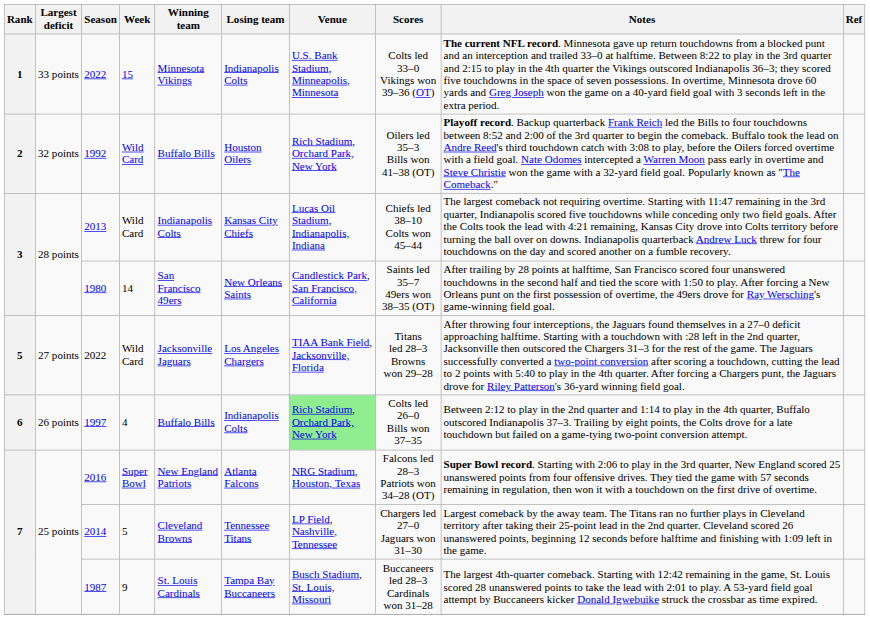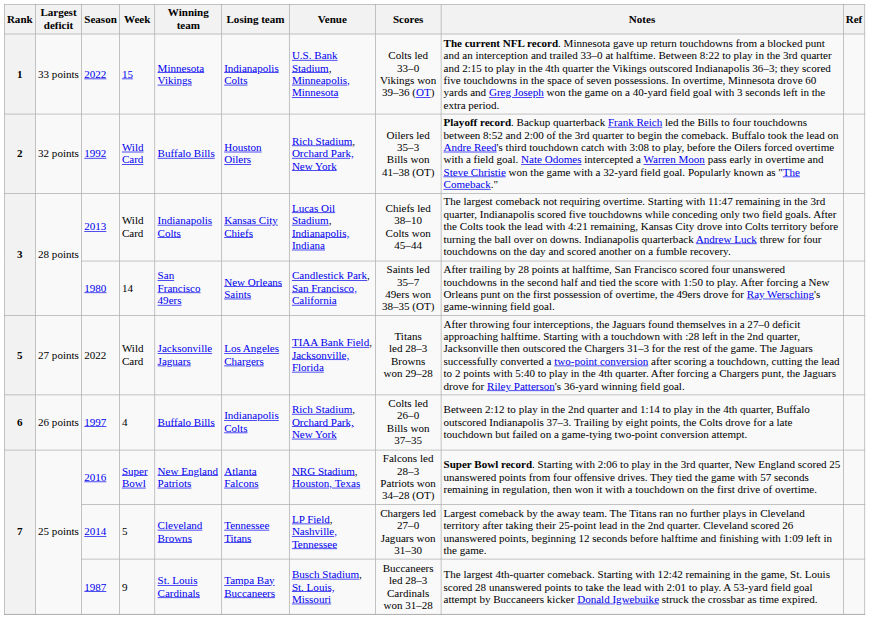 <table class="wikitable sortable">
 <tr>
 <th scope="col">Rank</th>
 <th scope="col">Largest deficit</th>
 <th scope="col">Season</th>
 <th scope="col">Week</th>
 <th scope="col">Winning team</th>
 <th scope="col">Losing team</th>
 <th scope="col">Venue</th>
 <th scope="col">Scores</th>
 <th scope="col">Notes</th>
 <th scope="col">Ref</th>
 </tr>
 <tr>
 <th scope=row>1</th>
 <td align="center">33 points</td>
 <td><a href='#'>2022</a></td>
 <td><a href='#'>15</a></td>
 <td><a href='#'>Minnesota Vikings</a></td>
 <td><a href='#'>Indianapolis Colts</a></td>
 <td><a href='#'>U.S. Bank Stadium</a>, <a href='#'>Minneapolis, Minnesota</a></td>
 <td align="center">Colts led<br>33–0<br>Vikings won<br>39–36 (<a href='#'>OT</a>)</td>
 <td><strong>The current NFL record</strong>. Minnesota gave up return touchdowns from a blocked punt and an interception and trailed 33–0 at halftime. Between 8:22 to play in the 3rd quarter and 2:15 to play in the 4th quarter the Vikings outscored Indianapolis 36–3; they scored five touchdowns in the space of seven possessions. In overtime, Minnesota drove 60 yards and <a href='#'>Greg Joseph</a> won the game on a 40-yard field goal with 3 seconds left in the extra period.</td>
 <td></td>
 </tr>
 <tr>
 <th scope=row>2</th>
 <td align="center">32 points</td>
 <td><a href='#'>1992</a></td>
 <td><a href='#'>Wild Card</a></td>
 <td><a href='#'>Buffalo Bills</a></td>
 <td><a href='#'>Houston Oilers</a></td>
 <td><a href='#'>Rich Stadium</a>, <a href='#'>Orchard Park, New York</a></td>
 <td align="center">Oilers led<br>35–3<br>Bills won<br>41–38 (OT)</td>
 <td><strong>Playoff record</strong>. Backup quarterback <a href='#'>Frank Reich</a> led the Bills to four touchdowns between 8:52 and 2:00 of the 3rd quarter to begin the comeback. Buffalo took the lead on <a href='#'>Andre Reed</a>'s third touchdown catch with 3:08 to play, before the Oilers forced overtime with a field goal. <a href='#'>Nate Odomes</a> intercepted a <a href='#'>Warren Moon</a> pass early in overtime and <a href='#'>Steve Christie</a> won the game with a 32-yard field goal. Popularly known as "<a href='#'>The Comeback</a>."</td>
 <td></td>
 </tr>
 <tr>
 <th rowspan="2" scope=row>3</th>
 <td rowspan="2"align="center">28 points</td>
 <td><a href='#'>2013</a></td>
 <td>Wild Card</td>
 <td><a href='#'>Indianapolis Colts</a></td>
 <td><a href='#'>Kansas City Chiefs</a></td>
 <td><a href='#'>Lucas Oil Stadium</a>, <a href='#'>Indianapolis, Indiana</a></td>
 <td align="center">Chiefs led<br>38–10<br>Colts won<br>45–44</td>
 <td>The largest comeback not requiring overtime. Starting with 11:47 remaining in the 3rd quarter, Indianapolis scored five touchdowns while conceding only two field goals. After the Colts took the lead with 4:21 remaining, Kansas City drove into Colts territory before turning the ball over on downs. Indianapolis quarterback <a href='#'>Andrew Luck</a> threw for four touchdowns on the day and scored another on a fumble recovery.</td>
 <td></td>
 </tr>
 <tr>
 <td><a href='#'>1980</a></td>
 <td>14</td>
 <td><a href='#'>San Francisco 49ers</a></td>
 <td><a href='#'>New Orleans Saints</a></td>
 <td><a href='#'>Candlestick Park</a>, <a href='#'>San Francisco, California</a></td>
 <td align="center">Saints led<br>35–7<br>49ers won<br>38–35 (OT)</td>
 <td>After trailing by 28 points at halftime, San Francisco scored four unanswered touchdowns in the second half and tied the score with 1:50 to play. After forcing a New Orleans punt on the first possession of overtime, the 49ers drove for <a href='#'>Ray Wersching</a>'s game-winning field goal.</td>
 <td></td>
 </tr>
 <tr>
 <th scope=row>5</th>
 <td align="center">27 points</td>
 <td>2022</td>
 <td>Wild Card</td>
 <td><a href='#'>Jacksonville Jaguars</a></td>
 <td><a href='#'>Los Angeles Chargers</a></td>
 <td><a href='#'>TIAA Bank Field</a>, <a href='#'>Jacksonville, Florida</a></td>
 <td align="center">Titans<br>led 28–3<br>Browns<br>won 29–28</td>
 <td>After throwing four interceptions, the Jaguars found themselves in a 27–0 deficit approaching halftime. Starting with a touchdown with :28 left in the 2nd quarter, Jacksonville then outscored the Chargers 31–3 for the rest of the game. The Jaguars successfully converted a <a href='#'>two-point conversion</a> after scoring a touchdown, cutting the lead to 2 points with 5:40 to play in the 4th quarter. After forcing a Chargers punt, the Jaguars drove for <a href='#'>Riley Patterson</a>'s 36-yard winning field goal.</td>
 <td></td>
 </tr>
 <tr>
 <th scope=row>6</th>
 <td align="center">26 points</td>
 <td><a href='#'>1997</a></td>
 <td>4</td>
 <td><a href='#'>Buffalo Bills</a></td>
 <td><a href='#'>Indianapolis Colts</a></td>
-<td style="background: lightgreen;"><a href='#'>Rich Stadium</a>, <a href='#'>Orchard Park, New York</a></td>
+<td><a href='#'>Rich Stadium</a>, <a href='#'>Orchard Park, New York</a></td>
 <td align="center">Colts led<br>26–0<br>Bills won<br>37–35</td>
 <td>Between 2:12 to play in the 2nd quarter and 1:14 to play in the 4th quarter, Buffalo outscored Indianapolis 37–3. Trailing by eight points, the Colts drove for a late touchdown but failed on a game-tying two-point conversion attempt.</td>
 <td></td>
 </tr>
 <tr>
 <th rowspan="3" scope=row>7</th>
 <td rowspan="3"align="center">25 points</td>
 <td><a href='#'>2016</a></td>
 <td><a href='#'>Super Bowl</a></td>
 <td><a href='#'>New England Patriots</a></td>
 <td><a href='#'>Atlanta Falcons</a></td>
 <td><a href='#'>NRG Stadium</a>, <a href='#'>Houston, Texas</a></td>
 <td align="center">Falcons led 28–3<br>Patriots won 34–28 (OT)</td>
 <td><strong>Super Bowl record</strong>. Starting with 2:06 to play in the 3rd quarter, New England scored 25 unanswered points from four offensive drives. They tied the game with 57 seconds remaining in regulation, then won it with a touchdown on the first drive of overtime.</td>
 <td></td>
 </tr>
 <tr>
 <td><a href='#'>2014</a></td>
 <td>5</td>
 <td><a href='#'>Cleveland Browns</a></td>
 <td><a href='#'>Tennessee Titans</a></td>
 <td><a href='#'>LP Field</a>, <a href='#'>Nashville, Tennessee</a></td>
 <td align="center">Chargers led<br>27–0<br>Jaguars won<br>31–30</td>
 <td>Largest comeback by the away team. The Titans ran no further plays in Cleveland territory after taking their 25-point lead in the 2nd quarter. Cleveland scored 26 unanswered points, beginning 12 seconds before halftime and finishing with 1:09 left in the game.</td>
 <td></td>
 </tr>
 <tr>
 <td><a href='#'>1987</a></td>
 <td>9</td>
 <td><a href='#'>St. Louis Cardinals</a></td>
 <td><a href='#'>Tampa Bay Buccaneers</a></td>
 <td><a href='#'>Busch Stadium</a>, <a href='#'>St. Louis, Missouri</a></td>
 <td align="center">Buccaneers<br>led 28–3<br>Cardinals<br>won 31–28</td>
 <td>The largest 4th-quarter comeback. Starting with 12:42 remaining in the game, St. Louis scored 28 unanswered points to take the lead with 2:01 to play. A 53-yard field goal attempt by Buccaneers kicker <a href='#'>Donald Igwebuike</a> struck the crossbar as time expired.</td>
 <td></td>
 </tr>
 <tr>
 </tr>
 </table>
